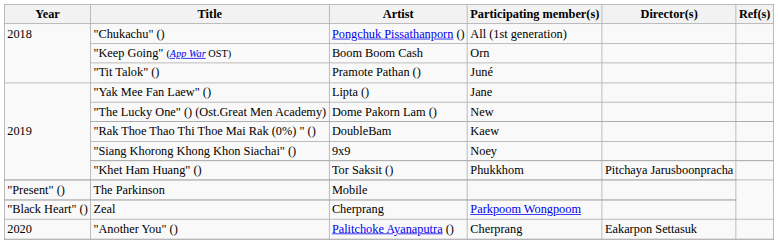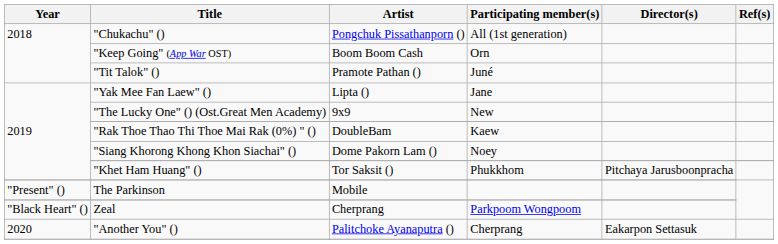 <table class="wikitable" style="text-align:left; ">
 <tr style="vertical-align:top;">
 <th>Year</th>
 <th>Title</th>
 <th>Artist</th>
 <th>Participating member(s)</th>
 <th>Director(s)</th>
 <th>Ref(s)</th>
 </tr>
 <tr style="vertical-align:top;">
 <td rowspan="3">2018</td>
 <td>"Chukachu" ()</td>
 <td><a href='#'>Pongchuk Pissathanporn</a> ()</td>
 <td>All (1st generation)</td>
 <td></td>
 <td></td>
 </tr>
 <tr style="vertical-align:top;">
 <td>"Keep Going" <small>(<em><a href='#'>App War</a></em> OST)</small></td>
 <td>Boom Boom Cash</td>
 <td>Orn</td>
 <td></td>
 <td></td>
 </tr>
 <tr style="vertical-align:top;">
 <td>"Tit Talok" ()</td>
 <td>Pramote Pathan ()</td>
 <td>Juné</td>
 <td></td>
 <td></td>
 </tr>
 <tr>
 <td rowspan="7">2019</td>
 <td>"Yak Mee Fan Laew" ()</td>
 <td>Lipta ()</td>
 <td>Jane</td>
 <td></td>
 <td></td>
 </tr>
 <tr style="vertical-align:top;">
 <td>"The Lucky One" () (Ost.Great Men Academy)</td>
-<td>Dome Pakorn Lam ()</td>
+<td>9x9</td>
 <td>New</td>
 <td></td>
 <td></td>
 </tr>
 <tr>
 </tr>
 <tr style="vertical-align:top;">
 <td>"Rak Thoe Thao Thi Thoe Mai Rak (0%) " ()</td>
 <td>DoubleBam</td>
 <td>Kaew</td>
 <td></td>
 <td></td>
 </tr>
 <tr style="vertical-align:top;">
 <td>"Siang Khorong Khong Khon Siachai" ()</td>
-<td>9x9</td>
+<td>Dome Pakorn Lam ()</td>
 <td>Noey</td>
 <td></td>
 <td></td>
 </tr>
 <tr>
 </tr>
 <tr style="vertical-align:top;">
 <td>"Khet Ham Huang" ()</td>
 <td>Tor Saksit ()</td>
 <td>Phukkhom</td>
 <td>Pitchaya Jarusboonpracha</td>
 <td></td>
 </tr>
 <tr>
 </tr>
 <tr>
 </tr>
 <tr style="vertical-align:top;">
 <td>"Present" ()</td>
 <td>The Parkinson</td>
 <td>Mobile</td>
 <td></td>
 <td></td>
 </tr>
 <tr>
 </tr>
 <tr>
 </tr>
 <tr style="vertical-align:top;">
 <td>"Black Heart" ()</td>
 <td>Zeal</td>
 <td>Cherprang</td>
 <td><a href='#'>Parkpoom Wongpoom</a></td>
 <td></td>
 </tr>
 <tr>
 <td>2020</td>
 <td>"Another You" ()</td>
 <td><a href='#'>Palitchoke Ayanaputra</a> ()</td>
 <td>Cherprang</td>
 <td>Eakarpon Settasuk</td>
 <td></td>
 </tr>
 <tr>
 </tr>
 </table>
